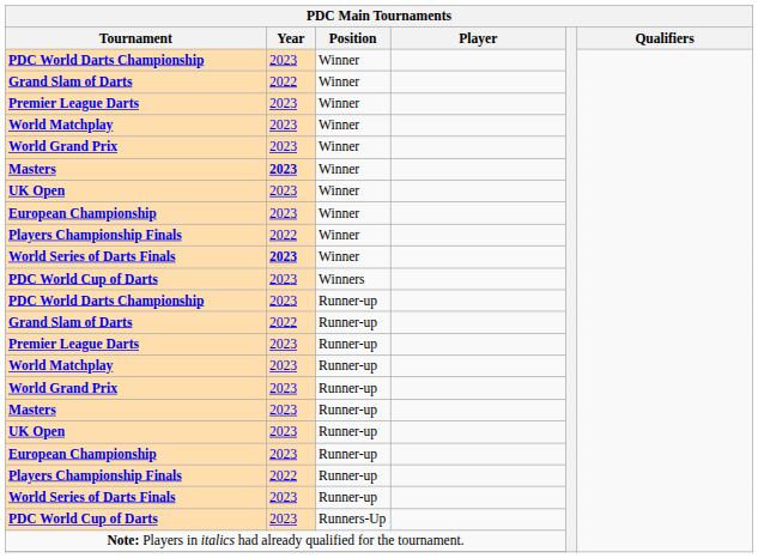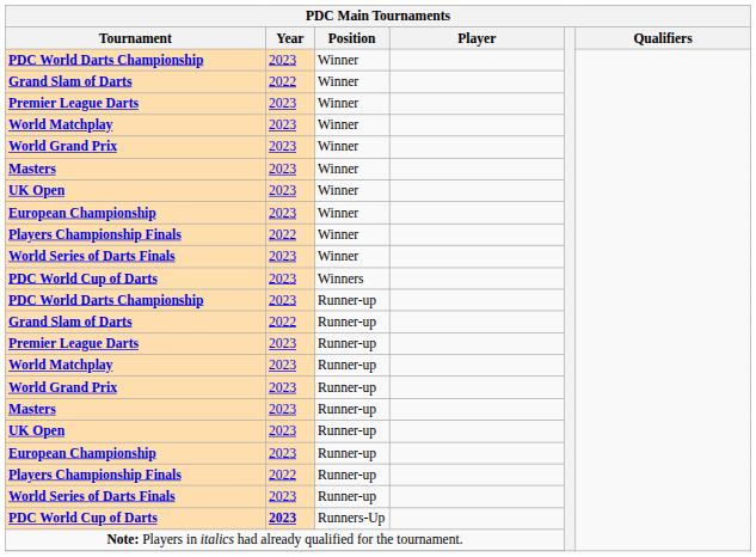 <table class="wikitable">
 <tr>
 <th colspan=6>PDC Main Tournaments</th>
 </tr>
 <tr>
 <th width=300>Tournament</th>
 <th width=50>Year</th>
 <th width=80>Position</th>
 <th width=200>Player</th>
 <th rowspan=28 width=5></th>
 <th width=200>Qualifiers</th>
 </tr>
 <tr>
 <td style="background:#ffdead;"><strong><a href='#'>PDC World Darts Championship</a></strong></td>
 <td style="background:#ffdead;"><a href='#'>2023</a></td>
 <td>Winner</td>
 <td></td>
 <td rowspan=31><br><br><br><br><br><br><br><br><br><br><br></td>
 </tr>
 <tr>
 <td style="background:#ffdead;"><strong><a href='#'>Grand Slam of Darts</a></strong></td>
 <td style="background:#ffdead;"><a href='#'>2022</a></td>
 <td>Winner</td>
 <td><em></em></td>
 </tr>
 <tr>
 <td style="background:#ffdead;"><strong><a href='#'>Premier League Darts</a></strong></td>
 <td style="background:#ffdead;"><a href='#'>2023</a></td>
 <td>Winner</td>
 <td></td>
 </tr>
 <tr>
 <td style="background:#ffdead;"><strong><a href='#'>World Matchplay</a></strong></td>
 <td style="background:#ffdead;"><a href='#'>2023</a></td>
 <td>Winner</td>
 <td></td>
 </tr>
 <tr>
 <td style="background:#ffdead;"><strong><a href='#'>World Grand Prix</a></strong></td>
 <td style="background:#ffdead;"><a href='#'>2023</a></td>
 <td>Winner</td>
 <td></td>
 </tr>
 <tr>
 <td style="background:#ffdead;"><strong><a href='#'>Masters</a></strong></td>
-<td style="background:#ffdead;"><strong><a href='#'>2023</a></strong></td>
+<td style="background:#ffdead;"><a href='#'>2023</a></td>
 <td>Winner</td>
 <td></td>
 </tr>
 <tr>
 <td style="background:#ffdead;"><strong><a href='#'>UK Open</a></strong></td>
 <td style="background:#ffdead;"><a href='#'>2023</a></td>
 <td>Winner</td>
 <td></td>
 </tr>
 <tr>
 <td style="background:#ffdead;"><strong><a href='#'>European Championship</a></strong></td>
 <td style="background:#ffdead;"><a href='#'>2023</a></td>
 <td>Winner</td>
 <td></td>
 </tr>
 <tr>
 <td style="background:#ffdead;"><strong><a href='#'>Players Championship Finals</a></strong></td>
 <td style="background:#ffdead;"><a href='#'>2022</a></td>
 <td>Winner</td>
 <td><em></em></td>
 </tr>
 <tr>
 <td style="background:#ffdead;"><strong><a href='#'>World Series of Darts Finals</a></strong></td>
-<td style="background:#ffdead;"><strong><a href='#'>2023</a></strong></td>
+<td style="background:#ffdead;"><a href='#'>2023</a></td>
 <td>Winner</td>
 <td><em></em></td>
 </tr>
 <tr>
 <td style="background:#ffdead;"><strong><a href='#'>PDC World Cup of Darts</a></strong></td>
 <td style="background:#ffdead;"><a href='#'>2023</a></td>
 <td>Winners</td>
 <td><br></td>
 </tr>
 <tr>
 <td style="background:#ffdead;"><strong><a href='#'>PDC World Darts Championship</a></strong></td>
 <td style="background:#ffdead;"><a href='#'>2023</a></td>
 <td>Runner-up</td>
 <td><em></em></td>
 </tr>
 <tr>
 <td style="background:#ffdead;"><strong><a href='#'>Grand Slam of Darts</a></strong></td>
 <td style="background:#ffdead;"><a href='#'>2022</a></td>
 <td>Runner-up</td>
 <td><em></em></td>
 </tr>
 <tr>
 <td style="background:#ffdead;"><strong><a href='#'>Premier League Darts</a></strong></td>
 <td style="background:#ffdead;"><a href='#'>2023</a></td>
 <td>Runner-up</td>
 <td><em></em></td>
 </tr>
 <tr>
 <td style="background:#ffdead;"><strong><a href='#'>World Matchplay</a></strong></td>
 <td style="background:#ffdead;"><a href='#'>2023</a></td>
 <td>Runner-up</td>
 <td><em></em></td>
 </tr>
 <tr>
 <td style="background:#ffdead;"><strong><a href='#'>World Grand Prix</a></strong></td>
 <td style="background:#ffdead;"><a href='#'>2023</a></td>
 <td>Runner-up</td>
 <td><em></em></td>
 </tr>
 <tr>
 <td style="background:#ffdead;"><strong><a href='#'>Masters</a></strong></td>
 <td style="background:#ffdead;"><a href='#'>2023</a></td>
 <td>Runner-up</td>
 <td></td>
 </tr>
 <tr>
 <td style="background:#ffdead;"><strong><a href='#'>UK Open</a></strong></td>
 <td style="background:#ffdead;"><a href='#'>2023</a></td>
 <td>Runner-up</td>
 <td><em></em></td>
 </tr>
 <tr>
 <td style="background:#ffdead;"><strong><a href='#'>European Championship</a></strong></td>
 <td style="background:#ffdead;"><a href='#'>2023</a></td>
 <td>Runner-up</td>
 <td></td>
 </tr>
 <tr>
 <td style="background:#ffdead;"><strong><a href='#'>Players Championship Finals</a></strong></td>
 <td style="background:#ffdead;"><a href='#'>2022</a></td>
 <td>Runner-up</td>
 <td><em></em></td>
 </tr>
 <tr>
 <td style="background:#ffdead;"><strong><a href='#'>World Series of Darts Finals</a></strong></td>
 <td style="background:#ffdead;"><a href='#'>2023</a></td>
 <td>Runner-up</td>
 <td><em></em></td>
 </tr>
 <tr>
 <td style="background:#ffdead;"><strong><a href='#'>PDC World Cup of Darts</a></strong></td>
-<td style="background:#ffdead;"><a href='#'>2023</a></td>
+<td style="background:#ffdead;"><strong><a href='#'>2023</a></strong></td>
 <td>Runners-Up</td>
 <td><em></em><br></td>
 </tr>
 <tr>
 <td colspan=4 style="text-align:center"><strong>Note:</strong> Players in <em>italics</em> had already qualified for the tournament.</td>
 </tr>
 <tr>
 </tr>
 </table>
